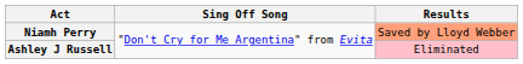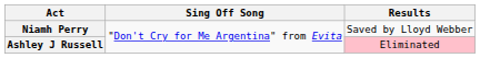 <table class="wikitable plainrowheaders" style="text-align:center;">
 <tr>
 <th scope="col">Act</th>
 <th scope="col">Sing Off Song</th>
 <th scope="col">Results</th>
 </tr>
 <tr>
 <th scope="row">Niamh Perry</th>
 <td rowspan="2">"<a href='#'>Don't Cry for Me Argentina</a>" from  <em><a href='#'>Evita</a></em></td>
-<td style="background: lightsalmon;">Saved by Lloyd Webber</td>
+<td>Saved by Lloyd Webber</td>
 </tr>
 <tr>
 <th scope="row">Ashley J Russell</th>
 <td style="background:pink;">Eliminated</td>
 </tr>
 </table>
